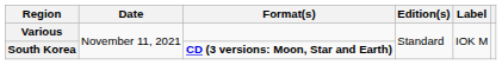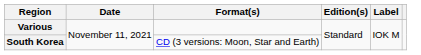 <table class="wikitable plainrowheaders">
 <tr>
 <th scope="col">Region</th>
 <th scope="col">Date</th>
 <th scope="col">Format(s)</th>
 <th scope="col">Edition(s)</th>
 <th scope="col">Label</th>
 <th scope="col"></th>
 </tr>
 <tr>
 <th scope="row">Various</th>
 <td rowspan="2">November 11, 2021</td>
 <td></td>
 <td rowspan="2">Standard</td>
 <td rowspan="2">IOK M</td>
 <td style="text-align:center;" rowspan="2"></td>
 </tr>
 <tr>
 <th scope="row">South Korea</th>
-<td><strong><a href='#'>CD</a> (3 versions: Moon, Star and Earth)</strong></td>
+<td><a href='#'>CD</a> (3 versions: Moon, Star and Earth)</td>
 </tr>
 </table>
